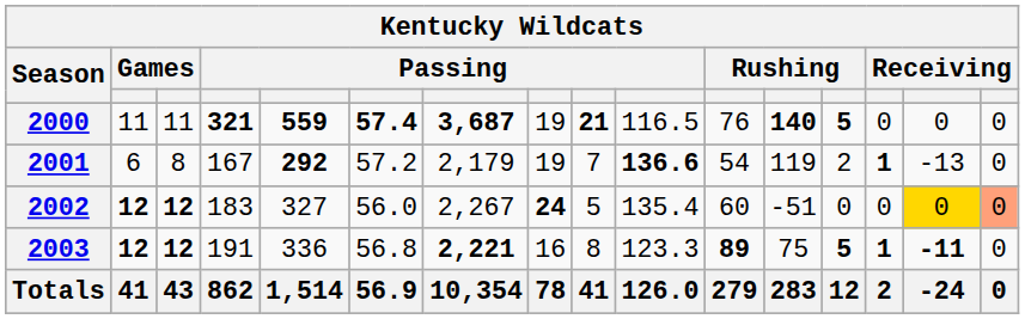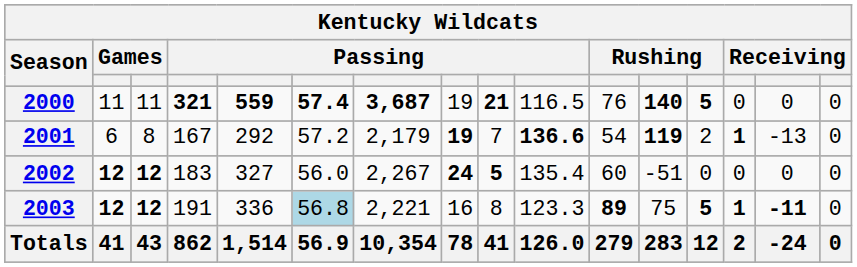 <table class="wikitable" style="text-align:center;">
 <tr>
 <th colspan="17">Kentucky Wildcats</th>
 </tr>
 <tr>
 <th rowspan="2">Season</th>
 <th colspan="2">Games</th>
 <th colspan="7">Passing</th>
 <th colspan="3">Rushing</th>
 <th colspan="3">Receiving</th>
 </tr>
 <tr>
 <th></th>
 <th></th>
 <th></th>
 <th></th>
 <th></th>
 <th></th>
 <th></th>
 <th></th>
 <th></th>
 <th></th>
 <th></th>
 <th></th>
 <th></th>
 <th></th>
 <th></th>
 </tr>
 <tr>
 <th><a href='#'>2000</a></th>
 <td>11</td>
 <td>11</td>
 <td><strong>321</strong></td>
 <td><strong>559</strong></td>
 <td><strong>57.4</strong></td>
 <td><strong>3,687</strong></td>
 <td>19</td>
 <td><strong>21</strong></td>
 <td>116.5</td>
 <td>76</td>
 <td><strong>140</strong></td>
 <td><strong>5</strong></td>
 <td>0</td>
 <td>0</td>
 <td>0</td>
 </tr>
 <tr>
 <th><a href='#'>2001</a></th>
 <td>6</td>
 <td>8</td>
 <td>167</td>
-<td><strong>292</strong></td>
+<td>292</td>
 <td>57.2</td>
 <td>2,179</td>
-<td>19</td>
+<td><strong>19</strong></td>
 <td>7</td>
 <td><strong>136.6</strong></td>
 <td>54</td>
-<td>119</td>
+<td><strong>119</strong></td>
 <td>2</td>
 <td><strong>1</strong></td>
 <td>-13</td>
 <td>0</td>
 </tr>
 <tr>
 <th><a href='#'>2002</a></th>
 <td><strong>12</strong></td>
 <td><strong>12</strong></td>
 <td>183</td>
 <td>327</td>
 <td>56.0</td>
 <td>2,267</td>
 <td><strong>24</strong></td>
-<td>5</td>
+<td><strong>5</strong></td>
 <td>135.4</td>
 <td>60</td>
 <td>-51</td>
 <td>0</td>
 <td>0</td>
-<td style="background: gold;">0</td>
-<td style="background: lightsalmon;">0</td>
+<td>0</td>
+<td>0</td>
 </tr>
 <tr>
 <th><a href='#'>2003</a></th>
 <td><strong>12</strong></td>
 <td><strong>12</strong></td>
 <td>191</td>
 <td>336</td>
-<td>56.8</td>
-<td><strong>2,221</strong></td>
+<td style="background: lightblue;">56.8</td>
+<td>2,221</td>
 <td>16</td>
 <td>8</td>
 <td>123.3</td>
 <td><strong>89</strong></td>
 <td>75</td>
 <td><strong>5</strong></td>
 <td><strong>1</strong></td>
 <td><strong>-11</strong></td>
 <td>0</td>
 </tr>
 <tr>
 <th>Totals</th>
 <th>41</th>
 <th>43</th>
 <th>862</th>
 <th>1,514</th>
 <th>56.9</th>
 <th>10,354</th>
 <th>78</th>
 <th>41</th>
 <th>126.0</th>
 <th>279</th>
 <th>283</th>
 <th>12</th>
 <th>2</th>
 <th>-24</th>
 <th>0</th>
 </tr>
 </table>
